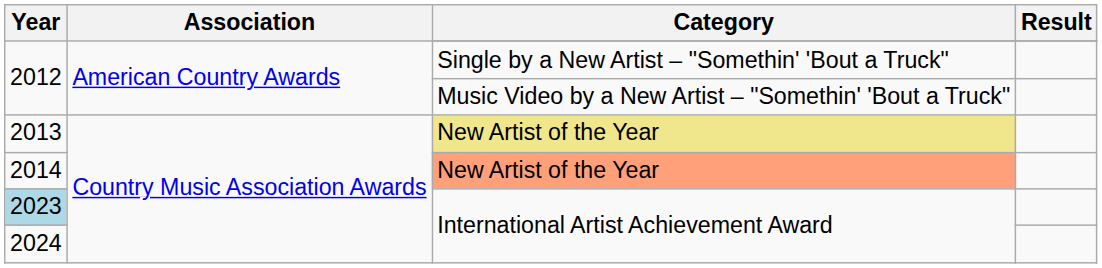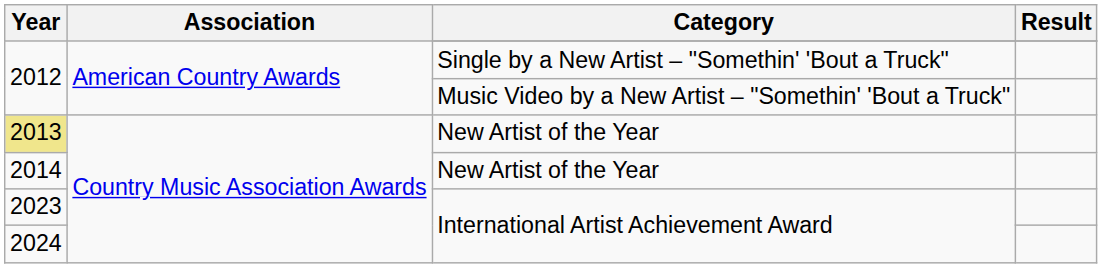 <table class="wikitable">
 <tr>
 <th>Year</th>
 <th>Association</th>
 <th>Category</th>
 <th>Result</th>
 </tr>
 <tr>
 <td rowspan="3">2012</td>
 <td rowspan="3"><a href='#'>American Country Awards</a></td>
 </tr>
 <tr>
 <td>Single by a New Artist – "Somethin' 'Bout a Truck"</td>
 <td></td>
 </tr>
 <tr>
 <td>Music Video by a New Artist – "Somethin' 'Bout a Truck"</td>
 <td></td>
 </tr>
 <tr>
-<td>2013</td>
+<td style="background: khaki;">2013</td>
 <td rowspan=4><a href='#'>Country Music Association Awards</a></td>
-<td style="background: khaki;">New Artist of the Year</td>
+<td>New Artist of the Year</td>
 <td></td>
 </tr>
 <tr>
 <td>2014</td>
-<td style="background: lightsalmon;">New Artist of the Year</td>
+<td>New Artist of the Year</td>
 <td></td>
 </tr>
 <tr>
-<td style="background: lightblue;">2023</td>
+<td>2023</td>
 <td rowspan=2>International Artist Achievement Award</td>
 <td></td>
 </tr>
 <tr>
 <td>2024</td>
 <td></td>
 </tr>
 </table>
